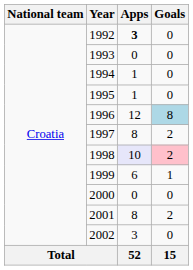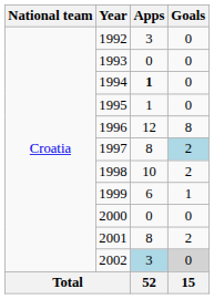 <table class="wikitable" style="text-align:center">
 <tr>
 <th>National team</th>
 <th>Year</th>
 <th>Apps</th>
 <th>Goals</th>
 </tr>
 <tr>
 <td rowspan="11"><a href='#'>Croatia</a></td>
 <td>1992</td>
-<td><strong>3</strong></td>
+<td>3</td>
 <td>0</td>
 </tr>
 <tr>
 <td>1993</td>
 <td>0</td>
 <td>0</td>
 </tr>
 <tr>
 <td>1994</td>
-<td>1</td>
+<td><strong>1</strong></td>
 <td>0</td>
 </tr>
 <tr>
 <td>1995</td>
 <td>1</td>
 <td>0</td>
 </tr>
 <tr>
 <td>1996</td>
 <td>12</td>
-<td style="background: lightblue;">8</td>
+<td>8</td>
 </tr>
 <tr>
 <td>1997</td>
 <td>8</td>
-<td>2</td>
+<td style="background: lightblue;">2</td>
 </tr>
 <tr>
 <td>1998</td>
-<td style="background: lavender;">10</td>
-<td style="background: pink;">2</td>
+<td>10</td>
+<td>2</td>
 </tr>
 <tr>
 <td>1999</td>
 <td>6</td>
 <td>1</td>
 </tr>
 <tr>
 <td>2000</td>
 <td>0</td>
 <td>0</td>
 </tr>
 <tr>
 <td>2001</td>
 <td>8</td>
 <td>2</td>
 </tr>
 <tr>
 <td>2002</td>
-<td>3</td>
-<td>0</td>
+<td style="background: lightblue;">3</td>
+<td style="background: lightgrey;">0</td>
 </tr>
 <tr>
 <th colspan="2">Total</th>
 <th>52</th>
 <th>15</th>
 </tr>
 </table>
